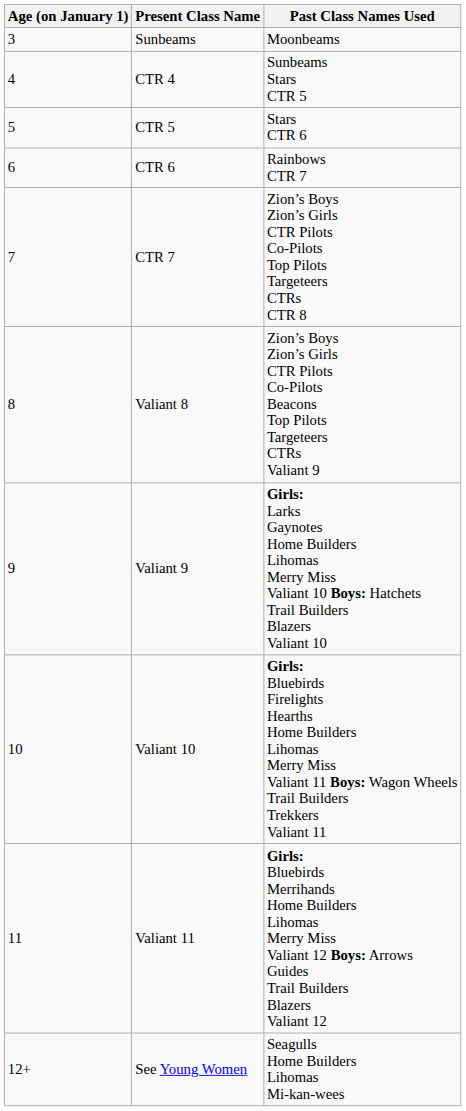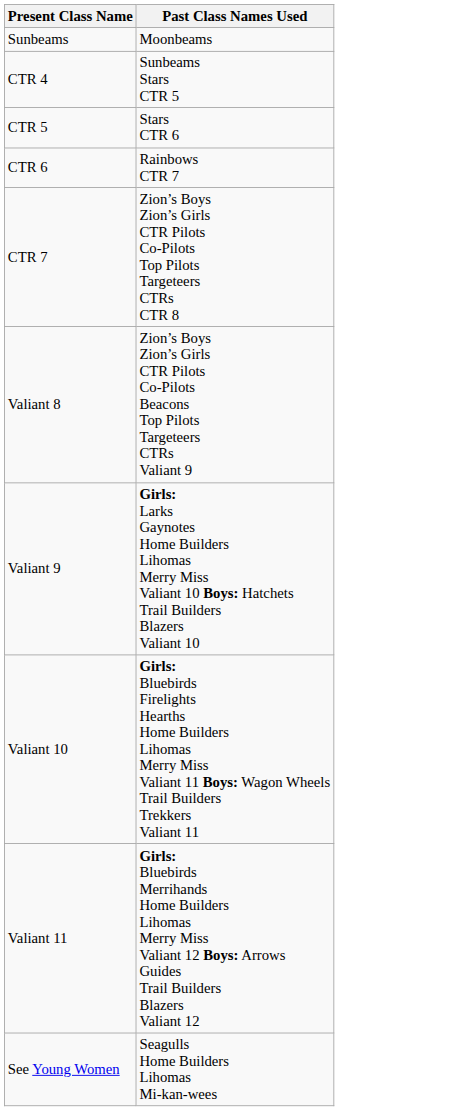 <table class="wikitable">
 <tr>
-<th>Age (on January 1)</th>
 <th>Present Class Name</th>
 <th>Past Class Names Used</th>
 </tr>
 <tr>
-<td>3</td>
 <td>Sunbeams</td>
 <td>Moonbeams</td>
 </tr>
 <tr>
-<td>4</td>
 <td>CTR 4</td>
 <td>Sunbeams <br>Stars <br>CTR 5</td>
 </tr>
 <tr>
-<td>5</td>
 <td>CTR 5</td>
 <td>Stars <br>CTR 6</td>
 </tr>
 <tr>
-<td>6</td>
 <td>CTR 6</td>
 <td>Rainbows <br>CTR 7</td>
 </tr>
 <tr>
-<td>7</td>
 <td>CTR 7</td>
 <td>Zion’s Boys <br>Zion’s Girls <br>CTR Pilots <br>Co-Pilots <br>Top Pilots <br>Targeteers<br>CTRs <br>CTR 8</td>
 </tr>
 <tr>
-<td>8</td>
 <td>Valiant 8</td>
 <td>Zion’s Boys <br>Zion’s Girls <br>CTR Pilots <br>Co-Pilots <br>Beacons<br>Top Pilots <br>Targeteers<br>CTRs <br>Valiant 9</td>
 </tr>
 <tr>
-<td>9</td>
 <td>Valiant 9</td>
 <td><strong>Girls:</strong><br>Larks<br>Gaynotes<br>Home Builders<br>Lihomas<br>Merry Miss <br>Valiant 10 <strong>Boys:</strong> Hatchets<br>Trail Builders<br>Blazers <br>Valiant 10</td>
 </tr>
 <tr>
-<td>10</td>
 <td>Valiant 10</td>
 <td><strong>Girls:</strong><br>Bluebirds<br>Firelights<br>Hearths <br>Home Builders<br>Lihomas<br>Merry Miss <br>Valiant 11 <strong>Boys:</strong> Wagon Wheels<br>Trail Builders<br>Trekkers <br>Valiant 11</td>
 </tr>
 <tr>
-<td>11</td>
 <td>Valiant 11</td>
 <td><strong>Girls:</strong><br>Bluebirds<br>Merrihands<br>Home Builders<br>Lihomas<br>Merry Miss <br>Valiant 12 <strong>Boys:</strong> Arrows<br>Guides<br>Trail Builders<br>Blazers <br>Valiant 12</td>
 </tr>
 <tr>
-<td>12+</td>
 <td>See <a href='#'>Young Women</a></td>
 <td>Seagulls<br> Home Builders<br>Lihomas<br>Mi-kan-wees</td>
 </tr>
 </table>
